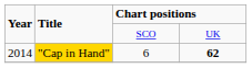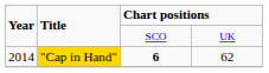 <table class="wikitable">
 <tr>
 <td rowspan="2"><strong>Year</strong></td>
 <td rowspan="2"><strong>Title</strong></td>
 <td colspan="4"><strong>Chart positions</strong></td>
 </tr>
 <tr>
 <td align="center" width="80"><small><a href='#'>SCO</a></small></td>
 <td align="center" width="80"><small><a href='#'>UK</a></small></td>
 </tr>
 <tr>
 <td>2014</td>
 <td style="background: gold;">"Cap in Hand"</td>
-<td align="center">6</td>
-<td align="center"><strong>62</strong></td>
+<td align="center"><strong>6</strong></td>
+<td align="center">62</td>
 </tr>
 <tr>
 </tr>
 </table>
